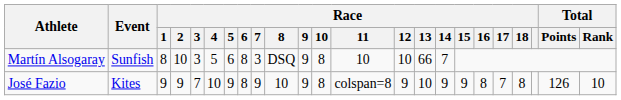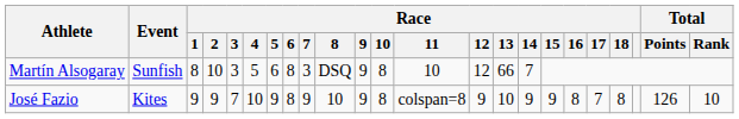 <table class="wikitable" style="font-size:90%;text-align:center">
 <tr>
 <th rowspan=2>Athlete</th>
 <th rowspan=2>Event</th>
 <th colspan=19>Race</th>
 <th colspan=2>Total</th>
 </tr>
 <tr style=font-size:95%>
 <th>1</th>
 <th>2</th>
 <th>3</th>
 <th>4</th>
 <th>5</th>
 <th>6</th>
 <th>7</th>
 <th>8</th>
 <th>9</th>
 <th>10</th>
 <th>11</th>
 <th>12</th>
 <th>13</th>
 <th>14</th>
 <th>15</th>
 <th>16</th>
 <th>17</th>
 <th>18</th>
 <th></th>
 <th>Points</th>
 <th>Rank</th>
 </tr>
 <tr>
 <td style="text-align:left"><a href='#'>Martín Alsogaray</a></td>
 <td style="text-align:left"><a href='#'>Sunfish</a></td>
 <td>8</td>
 <td>10</td>
 <td>3</td>
 <td>5</td>
 <td>6</td>
 <td>8</td>
 <td>3</td>
 <td>DSQ</td>
 <td>9</td>
 <td>8</td>
 <td>10</td>
-<td>10</td>
+<td>12</td>
 <td>66</td>
 <td>7</td>
 </tr>
 <tr>
 <td style="text-align:left"><a href='#'>José Fazio</a></td>
 <td style="text-align:left"><a href='#'>Kites</a></td>
 <td>9</td>
 <td>9</td>
 <td>7</td>
 <td>10</td>
 <td>9</td>
 <td>8</td>
 <td>9</td>
 <td>10</td>
 <td>9</td>
 <td>8</td>
 <td>colspan=8 </td>
 <td>9</td>
 <td>10</td>
 <td>9</td>
 <td>9</td>
 <td>8</td>
 <td>7</td>
 <td>8</td>
 <td></td>
 <td>126</td>
 <td>10</td>
 </tr>
 </table>
